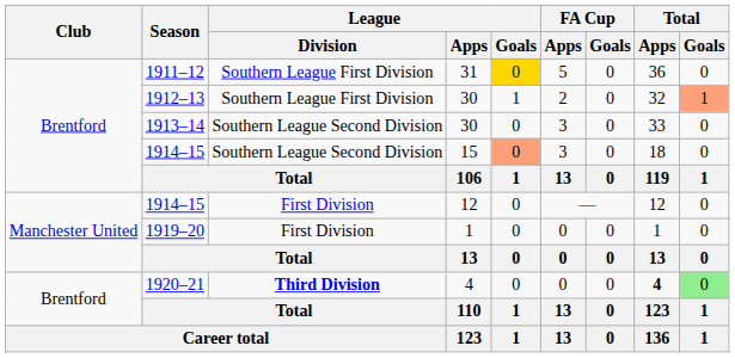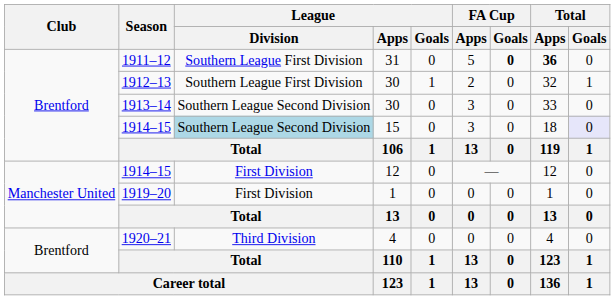 <table class="wikitable" style="text-align: center;">
 <tr>
 <th rowspan="2">Club</th>
 <th rowspan="2">Season</th>
 <th colspan="3">League</th>
 <th colspan="2">FA Cup</th>
 <th colspan="2">Total</th>
 </tr>
 <tr>
 <th>Division</th>
 <th>Apps</th>
 <th>Goals</th>
 <th>Apps</th>
 <th>Goals</th>
 <th>Apps</th>
 <th>Goals</th>
 </tr>
 <tr>
 <td rowspan="5"><a href='#'>Brentford</a></td>
 <td><a href='#'>1911–12</a></td>
 <td><a href='#'>Southern League</a> First Division</td>
 <td>31</td>
-<td style="background: gold;">0</td>
+<td>0</td>
 <td>5</td>
-<td>0</td>
-<td>36</td>
+<td><strong>0</strong></td>
+<td><strong>36</strong></td>
 <td>0</td>
 </tr>
 <tr>
 <td><a href='#'>1912–13</a></td>
 <td>Southern League First Division</td>
 <td>30</td>
 <td>1</td>
 <td>2</td>
 <td>0</td>
 <td>32</td>
-<td style="background: lightsalmon;">1</td>
+<td>1</td>
 </tr>
 <tr>
 <td><a href='#'>1913–14</a></td>
 <td>Southern League Second Division</td>
 <td>30</td>
 <td>0</td>
 <td>3</td>
 <td>0</td>
 <td>33</td>
 <td>0</td>
 </tr>
 <tr>
 <td><a href='#'>1914–15</a></td>
-<td>Southern League Second Division</td>
+<td style="background: lightblue;">Southern League Second Division</td>
 <td>15</td>
-<td style="background: lightsalmon;">0</td>
+<td>0</td>
 <td>3</td>
 <td>0</td>
 <td>18</td>
-<td>0</td>
+<td style="background: lavender;">0</td>
 </tr>
 <tr>
 <th colspan="2">Total</th>
 <th>106</th>
 <th>1</th>
 <th>13</th>
 <th>0</th>
 <th>119</th>
 <th>1</th>
 </tr>
 <tr>
 <td rowspan="3"><a href='#'>Manchester United</a></td>
 <td><a href='#'>1914–15</a></td>
 <td><a href='#'>First Division</a></td>
 <td>12</td>
 <td>0</td>
 <td colspan="2">—</td>
 <td>12</td>
 <td>0</td>
 </tr>
 <tr>
 <td><a href='#'>1919–20</a></td>
 <td>First Division</td>
 <td>1</td>
 <td>0</td>
 <td>0</td>
 <td>0</td>
 <td>1</td>
 <td>0</td>
 </tr>
 <tr>
 <th colspan="2">Total</th>
 <th>13</th>
 <th>0</th>
 <th>0</th>
 <th>0</th>
 <th>13</th>
 <th>0</th>
 </tr>
 <tr>
 <td rowspan="2">Brentford</td>
 <td><a href='#'>1920–21</a></td>
-<td><strong><a href='#'>Third Division</a></strong></td>
+<td><a href='#'>Third Division</a></td>
 <td>4</td>
 <td>0</td>
 <td>0</td>
 <td>0</td>
-<td><strong>4</strong></td>
-<td style="background: lightgreen;">0</td>
+<td>4</td>
+<td>0</td>
 </tr>
 <tr>
 <th colspan="2">Total</th>
 <th>110</th>
 <th>1</th>
 <th>13</th>
 <th>0</th>
 <th>123</th>
 <th>1</th>
 </tr>
 <tr>
 <th colspan="3">Career total</th>
 <th>123</th>
 <th>1</th>
 <th>13</th>
 <th>0</th>
 <th>136</th>
 <th>1</th>
 </tr>
 </table>
